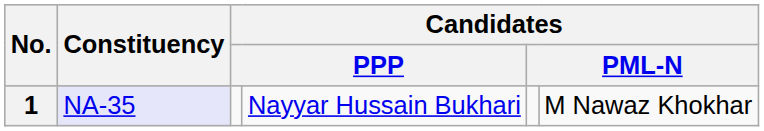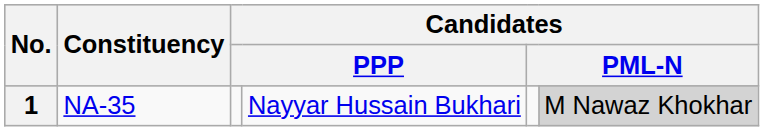 <table class="wikitable sortable">
 <tr>
 <th rowspan="2">No.</th>
 <th rowspan="2">Constituency</th>
 <th colspan="6">Candidates</th>
 </tr>
 <tr>
 <th colspan="2"><a href='#'>PPP</a></th>
 <th colspan="2"><a href='#'>PML-N</a></th>
 </tr>
 <tr>
 <th>1</th>
-<td style="background: lavender;"><a href='#'>NA-35</a></td>
+<td><a href='#'>NA-35</a></td>
 <td style="color:inherit;background:"></td>
 <td><a href='#'>Nayyar Hussain Bukhari</a></td>
 <td style="color:inherit;background:"></td>
-<td>M Nawaz Khokhar</td>
+<td style="background: lightgrey;">M Nawaz Khokhar</td>
 </tr>
 </table>
